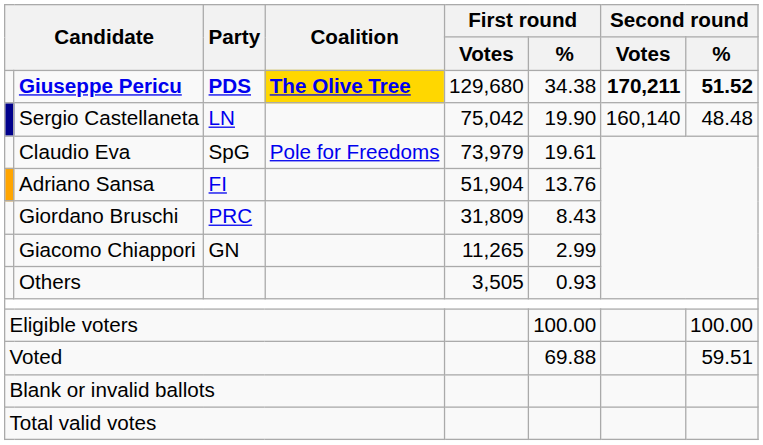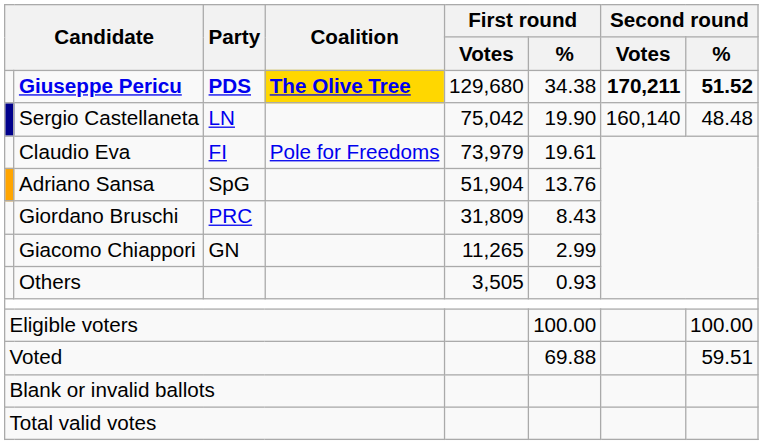 <table class="wikitable centre">
 <tr>
 <th scope="col" rowspan=2 colspan=2>Candidate</th>
 <th scope="col" rowspan=2 colspan=1>Party</th>
 <th scope="col" rowspan=2 colspan=1>Coalition</th>
 <th scope="col" colspan=2>First round</th>
 <th scope="col" colspan=2>Second round</th>
 </tr>
 <tr>
 <th scope="col">Votes</th>
 <th scope="col">%</th>
 <th scope="col">Votes</th>
 <th scope="col">%</th>
 </tr>
 <tr>
 <td></td>
 <td><strong><a href='#'>Giuseppe Pericu</a></strong></td>
 <td><strong><a href='#'>PDS</a></strong></td>
 <td style="background: gold;"><strong><a href='#'>The Olive Tree</a></strong></td>
 <td style="text-align: right">129,680</td>
 <td style="text-align: right">34.38</td>
 <td style="text-align: right"><strong>170,211</strong></td>
 <td style="text-align: right"><strong>51.52</strong></td>
 </tr>
 <tr>
 <td bgcolor="darkblue"></td>
 <td>Sergio Castellaneta</td>
 <td><a href='#'>LN</a></td>
 <td></td>
 <td style="text-align: right">75,042</td>
 <td style="text-align: right">19.90</td>
 <td style="text-align: right">160,140</td>
 <td style="text-align: right">48.48</td>
 </tr>
 <tr>
 <td></td>
 <td>Claudio Eva</td>
-<td>SpG</td>
+<td><a href='#'>FI</a></td>
 <td><a href='#'>Pole for Freedoms</a></td>
 <td style="text-align: right">73,979</td>
 <td style="text-align: right">19.61</td>
 </tr>
 <tr>
 <td bgcolor="orange"></td>
 <td>Adriano Sansa</td>
-<td><a href='#'>FI</a></td>
+<td>SpG</td>
 <td></td>
 <td style="text-align: right">51,904</td>
 <td style="text-align: right">13.76</td>
 </tr>
 <tr>
 <td></td>
 <td>Giordano Bruschi</td>
 <td><a href='#'>PRC</a></td>
 <td></td>
 <td style="text-align: right">31,809</td>
 <td style="text-align: right">8.43</td>
 </tr>
 <tr>
 <td></td>
 <td>Giacomo Chiappori</td>
 <td>GN</td>
 <td></td>
 <td style="text-align: right">11,265</td>
 <td style="text-align: right">2.99</td>
 </tr>
 <tr>
 <td bgcolor=""></td>
 <td>Others</td>
 <td></td>
 <td></td>
 <td style="text-align: right">3,505</td>
 <td style="text-align: right">0.93</td>
 </tr>
 <tr bgcolor=white>
 <td colspan=8></td>
 </tr>
 <tr>
 <td colspan=4>Eligible voters</td>
 <td style="text-align: right"></td>
 <td style="text-align: right">100.00</td>
 <td style="text-align: right"></td>
 <td style="text-align: right">100.00</td>
 </tr>
 <tr>
 <td colspan=4>Voted</td>
 <td style="text-align: right"></td>
 <td style="text-align: right">69.88</td>
 <td style="text-align: right"></td>
 <td style="text-align: right">59.51</td>
 </tr>
 <tr>
 <td colspan=4>Blank or invalid ballots</td>
 <td style="text-align: right"></td>
 <td style="text-align: right"></td>
 <td style="text-align: right"></td>
 <td style="text-align: right"></td>
 </tr>
 <tr>
 <td colspan=4>Total valid votes</td>
 <td style="text-align: right"></td>
 <td style="text-align: right"></td>
 <td style="text-align: right"></td>
 <td style="text-align: right"></td>
 </tr>
 </table>
